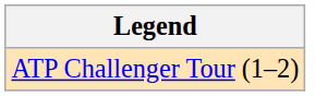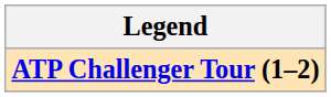 <table class=wikitable style=font-size:97%>
 <tr>
 <th>Legend</th>
 </tr>
 <tr bgcolor=moccasin>
-<td><a href='#'>ATP Challenger Tour</a> (1–2)</td>
+<td><strong><a href='#'>ATP Challenger Tour</a> (1–2)</strong></td>
 </tr>
 </table>
